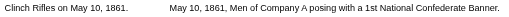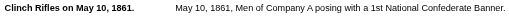 <table width="835px" align="center">
 <tr>
 <td></td>
 <td></td>
 <td></td>
 </tr>
 <tr style="font-family: sans-serif; font-size:9.5pt">
-<td>Clinch Rifles on May 10, 1861.</td>
+<td><strong>Clinch Rifles on May 10, 1861.</strong></td>
 <td colspan="2">May 10, 1861, Men of Company A posing with a 1st National Confederate Banner.</td>
 </tr>
 </table>
